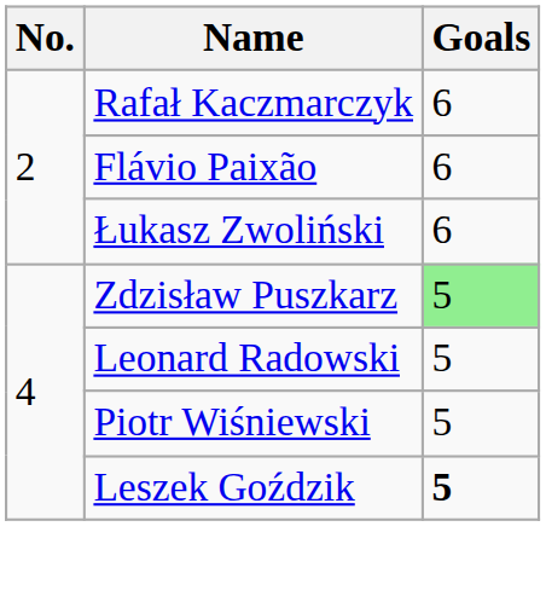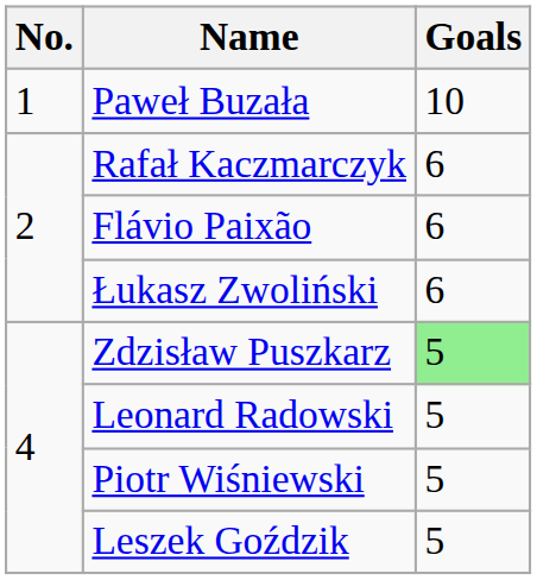 <table class="wikitable" style="display: inline-table;">
 <tr>
 <th>No.</th>
 <th>Name</th>
 <th>Goals</th>
+</tr>
+<tr>
+<td>1</td>
+<td><a href='#'>Paweł Buzała</a></td>
+<td>10</td>
 </tr>
 <tr>
 <td rowspan=3>2</td>
 <td><a href='#'>Rafał Kaczmarczyk</a></td>
 <td>6</td>
 </tr>
 <tr>
 <td><a href='#'>Flávio Paixão</a></td>
 <td>6</td>
 </tr>
 <tr>
 <td><a href='#'>Łukasz Zwoliński</a></td>
 <td>6</td>
 </tr>
 <tr>
 <td rowspan=4>4</td>
 <td><a href='#'>Zdzisław Puszkarz</a></td>
 <td style="background: lightgreen;">5</td>
 </tr>
 <tr>
 <td><a href='#'>Leonard Radowski</a></td>
 <td>5</td>
 </tr>
 <tr>
 <td><a href='#'>Piotr Wiśniewski</a></td>
 <td>5</td>
 </tr>
 <tr>
 <td><a href='#'>Leszek Goździk</a></td>
-<td><strong>5</strong></td>
+<td>5</td>
 </tr>
 </table>
